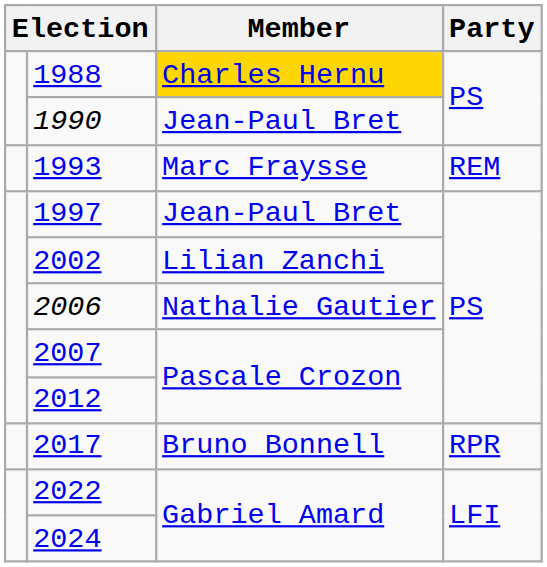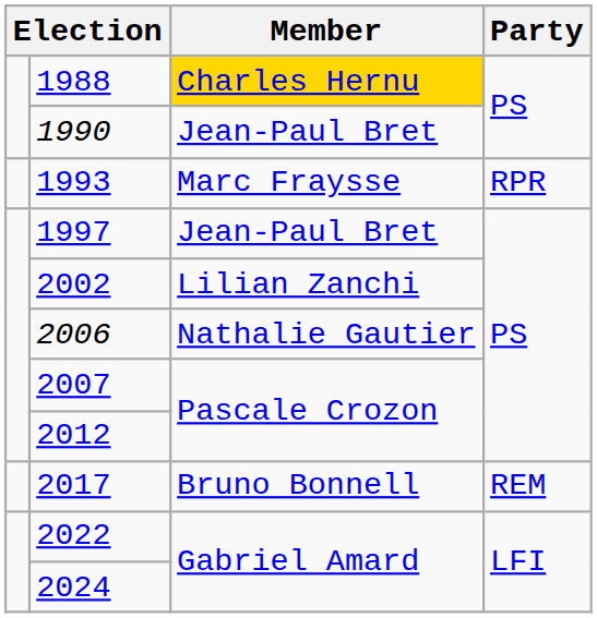 <table class="wikitable">
 <tr>
 <th colspan="2">Election</th>
 <th>Member</th>
 <th>Party</th>
 </tr>
 <tr>
 <td rowspan="2" style="color:inherit;background:"></td>
 <td><a href='#'>1988</a></td>
 <td style="background: gold;"><a href='#'>Charles Hernu</a></td>
 <td rowspan="2"><a href='#'>PS</a></td>
 </tr>
 <tr>
 <td><em>1990</em></td>
 <td><a href='#'>Jean-Paul Bret</a></td>
 </tr>
 <tr>
 <td style="color:inherit;background:"></td>
 <td><a href='#'>1993</a></td>
 <td><a href='#'>Marc Fraysse</a></td>
-<td><a href='#'>REM</a></td>
+<td><a href='#'>RPR</a></td>
 </tr>
 <tr>
 <td rowspan="5" style="color:inherit;background:"></td>
 <td><a href='#'>1997</a></td>
 <td><a href='#'>Jean-Paul Bret</a></td>
 <td rowspan="5"><a href='#'>PS</a></td>
 </tr>
 <tr>
 <td><a href='#'>2002</a></td>
 <td><a href='#'>Lilian Zanchi</a></td>
 </tr>
 <tr>
 <td><em>2006</em></td>
 <td><a href='#'>Nathalie Gautier</a></td>
 </tr>
 <tr>
 <td><a href='#'>2007</a></td>
 <td rowspan="2"><a href='#'>Pascale Crozon</a></td>
 </tr>
 <tr>
 <td><a href='#'>2012</a></td>
 </tr>
 <tr>
 <td style="color:inherit;background:"></td>
 <td><a href='#'>2017</a></td>
 <td><a href='#'>Bruno Bonnell</a></td>
-<td><a href='#'>RPR</a></td>
+<td><a href='#'>REM</a></td>
 </tr>
 <tr>
 <td rowspan="2" style="color:inherit;background:"></td>
 <td><a href='#'>2022</a></td>
 <td rowspan="2"><a href='#'>Gabriel Amard</a></td>
 <td rowspan="2"><a href='#'>LFI</a></td>
 </tr>
 <tr>
 <td><a href='#'>2024</a></td>
 </tr>
 </table>
